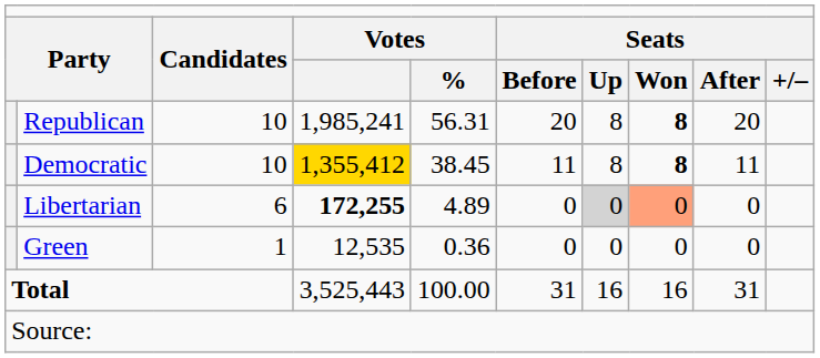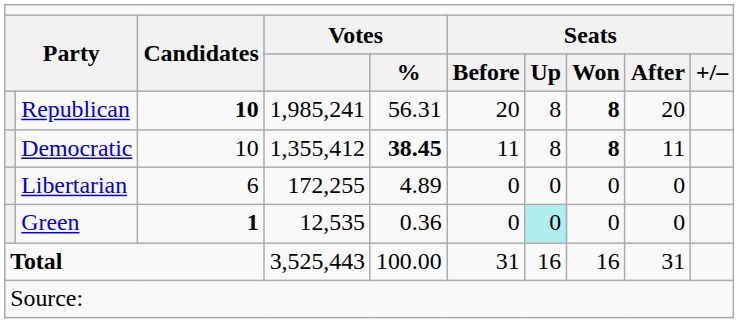 <table class="wikitable">
 <tr>
 <td colspan=15 align=center></td>
 </tr>
 <tr>
 <th rowspan="2" colspan="2">Party</th>
 <th rowspan="2">Candidates</th>
 <th colspan="2">Votes</th>
 <th colspan="5">Seats</th>
 </tr>
 <tr>
 <th></th>
 <th>%</th>
 <th>Before</th>
 <th>Up</th>
 <th>Won</th>
 <th>After</th>
 <th>+/–</th>
 </tr>
 <tr>
 <th style="background-color:"></th>
 <td><a href='#'>Republican</a></td>
-<td align="right">10</td>
+<td align="right"><strong>10</strong></td>
 <td align="right">1,985,241</td>
 <td align="right">56.31</td>
 <td align="right">20</td>
 <td align="right">8</td>
 <td align="right"><strong>8</strong></td>
 <td align="right">20</td>
 <td align="right"></td>
 </tr>
 <tr>
 <th style="background-color:"></th>
 <td><a href='#'>Democratic</a></td>
 <td align="right">10</td>
-<td align="right" style="background: gold;">1,355,412</td>
-<td align="right">38.45</td>
+<td align="right">1,355,412</td>
+<td align="right"><strong>38.45</strong></td>
 <td align="right">11</td>
 <td align="right">8</td>
 <td align="right"><strong>8</strong></td>
 <td align="right">11</td>
 <td align="right"></td>
 </tr>
 <tr>
 <th style="background-color:"></th>
 <td><a href='#'>Libertarian</a></td>
 <td align="right">6</td>
-<td align="right"><strong>172,255</strong></td>
+<td align="right">172,255</td>
 <td align="right">4.89</td>
 <td align="right">0</td>
-<td align="right" style="background: lightgrey;">0</td>
-<td align="right" style="background: lightsalmon;">0</td>
+<td align="right">0</td>
+<td align="right">0</td>
 <td align="right">0</td>
 <td align="right"></td>
 </tr>
 <tr>
 <th style="background-color:"></th>
 <td><a href='#'>Green</a></td>
-<td align="right">1</td>
+<td align="right"><strong>1</strong></td>
 <td align="right">12,535</td>
 <td align="right">0.36</td>
 <td align="right">0</td>
-<td align="right">0</td>
+<td align="right" style="background: paleturquoise;">0</td>
 <td align="right">0</td>
 <td align="right">0</td>
 <td align="right"></td>
 </tr>
 <tr>
 <td colspan="3" align="left"><strong>Total</strong></td>
 <td align="right">3,525,443</td>
 <td align="right">100.00</td>
 <td align="right">31</td>
 <td align="right">16</td>
 <td align="right">16</td>
 <td align="right">31</td>
 <td align="right"></td>
 </tr>
 <tr>
 <td colspan="10">Source:</td>
 </tr>
 </table>
